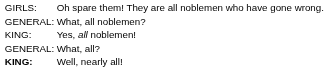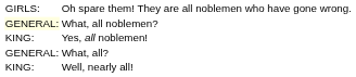 <table>
 <tr>
 <td>GIRLS:</td>
 <td>Oh spare them! They are all noblemen who have gone wrong.</td>
 </tr>
 <tr>
-<td>GENERAL:</td>
+<td style="background: lightyellow;">GENERAL:</td>
 <td>What, all noblemen?</td>
 </tr>
 <tr>
 <td>KING:</td>
 <td>Yes, <em>all</em> noblemen!</td>
 </tr>
 <tr>
 <td>GENERAL:</td>
 <td>What, all?</td>
 </tr>
 <tr>
-<td><strong>KING:</strong></td>
+<td>KING:</td>
 <td>Well, nearly all!</td>
 </tr>
 </table>
